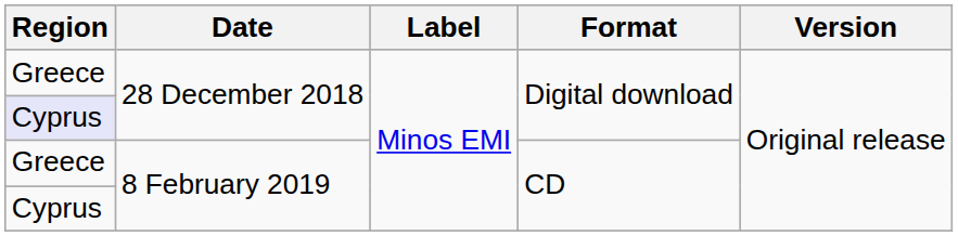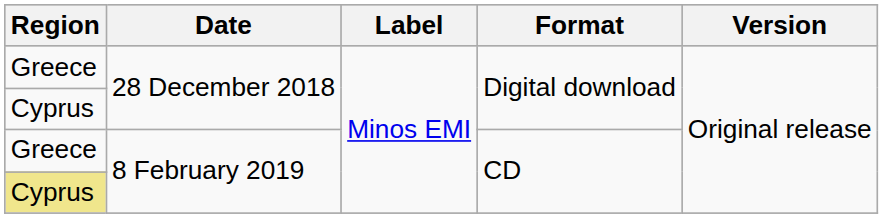 <table class="sortable wikitable">
 <tr>
 <th>Region</th>
 <th>Date</th>
 <th>Label</th>
 <th>Format</th>
 <th>Version</th>
 </tr>
 <tr>
 <td>Greece</td>
 <td rowspan="2">28 December 2018</td>
 <td rowspan="4"><a href='#'>Minos EMI</a></td>
 <td rowspan="2">Digital download</td>
 <td rowspan="4">Original release</td>
 </tr>
 <tr>
-<td style="background: lavender;">Cyprus</td>
+<td>Cyprus</td>
 </tr>
 <tr>
 <td>Greece</td>
 <td rowspan="2">8 February 2019</td>
 <td rowspan="2">CD</td>
 </tr>
 <tr>
-<td>Cyprus</td>
+<td style="background: khaki;">Cyprus</td>
 </tr>
 </table>
